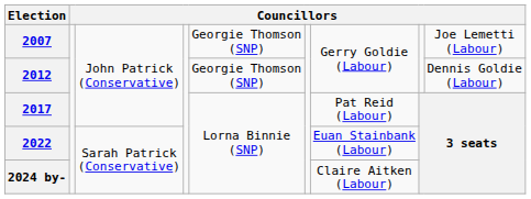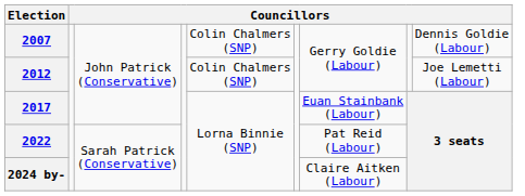 <table class="wikitable" style="text-align:center">
 <tr>
 <th>Election</th>
 <th colspan=8>Councillors</th>
 </tr>
 <tr>
 <th><a href='#'>2007</a></th>
 <td rowspan=5; style="background-color: "></td>
 <td rowspan=3>John Patrick<br>(<a href='#'>Conservative</a>)</td>
 <td rowspan=5; style="background-color: "></td>
-<td rowspan=1>Georgie Thomson<br>(<a href='#'>SNP</a>)</td>
+<td rowspan=1>Colin Chalmers<br>(<a href='#'>SNP</a>)</td>
 <td rowspan=5; style="background-color: "></td>
 <td rowspan=2>Gerry Goldie<br>(<a href='#'>Labour</a>)</td>
 <td rowspan=2; style="background-color: "></td>
-<td rowspan=1>Joe Lemetti<br>(<a href='#'>Labour</a>)</td>
+<td rowspan=1>Dennis Goldie<br>(<a href='#'>Labour</a>)</td>
 </tr>
 <tr>
 <th><a href='#'>2012</a></th>
-<td rowspan=1>Georgie Thomson<br>(<a href='#'>SNP</a>)</td>
-<td rowspan=1>Dennis Goldie<br>(<a href='#'>Labour</a>)</td>
+<td rowspan=1>Colin Chalmers<br>(<a href='#'>SNP</a>)</td>
+<td rowspan=1>Joe Lemetti<br>(<a href='#'>Labour</a>)</td>
 </tr>
 <tr>
 <th><a href='#'>2017</a></th>
 <td rowspan=3>Lorna Binnie<br>(<a href='#'>SNP</a>)</td>
-<td rowspan=1>Pat Reid<br>(<a href='#'>Labour</a>)</td>
+<td rowspan=1><a href='#'>Euan Stainbank</a><br>(<a href='#'>Labour</a>)</td>
 <th colspan=2; rowspan=3>3 seats</th>
 </tr>
 <tr>
 <th><a href='#'>2022</a></th>
 <td rowspan=2>Sarah Patrick<br>(<a href='#'>Conservative</a>)</td>
-<td rowspan=1><a href='#'>Euan Stainbank</a><br>(<a href='#'>Labour</a>)</td>
+<td rowspan=1>Pat Reid<br>(<a href='#'>Labour</a>)</td>
 </tr>
 <tr>
 <th>2024 by-</th>
 <td rowspan=1>Claire Aitken<br>(<a href='#'>Labour</a>)</td>
 </tr>
 </table>
